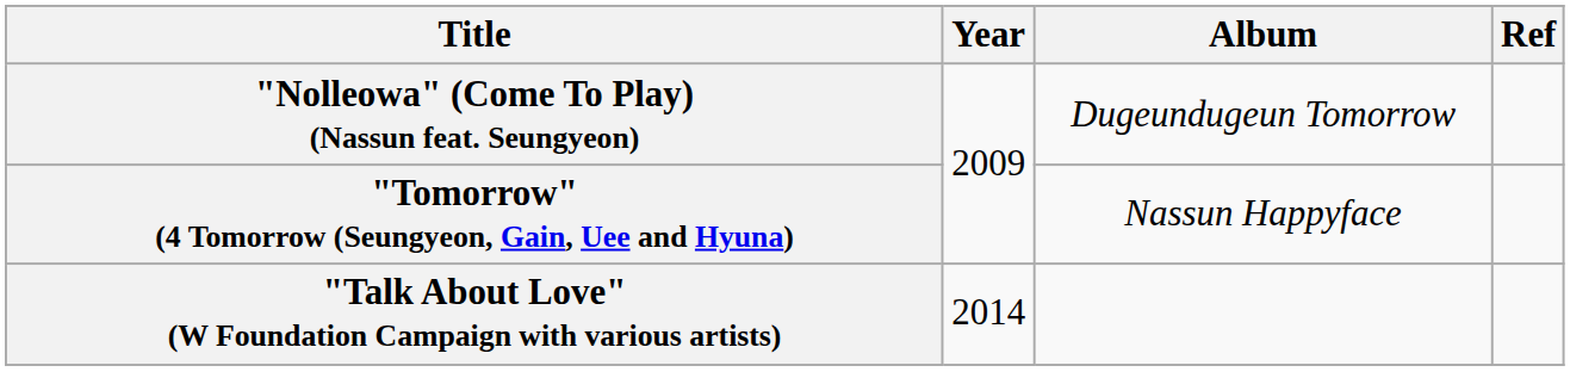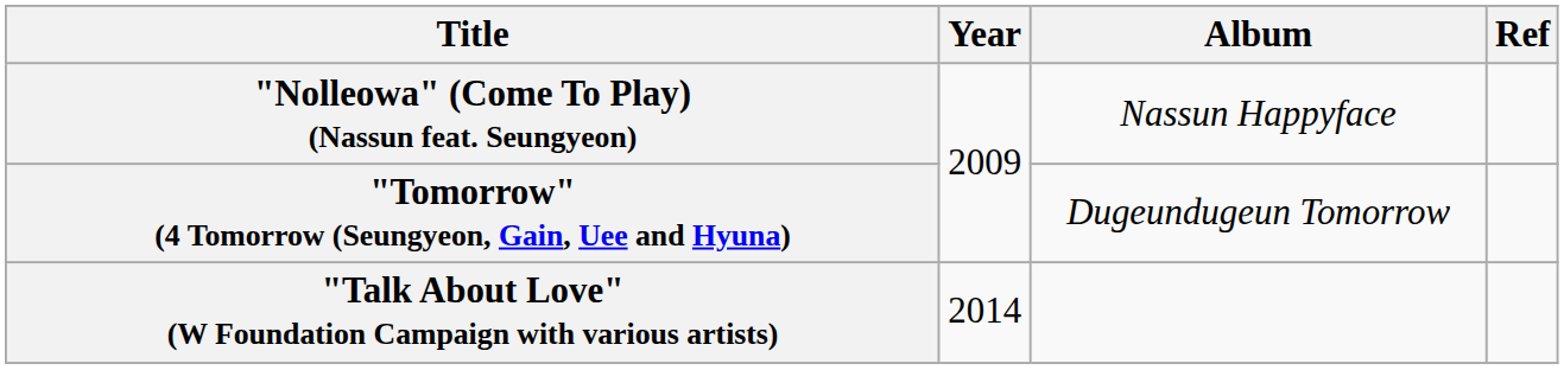 <table class="wikitable plainrowheaders" style="text-align:center;">
 <tr>
 <th scope="col" style="width:25em;">Title</th>
 <th scope="col" style="width:2em;">Year</th>
 <th scope="col" style="width:12em;">Album</th>
 <th>Ref</th>
 </tr>
 <tr>
 <th scope="row">"Nolleowa" (Come To Play)<br><small>(Nassun feat. Seungyeon)</small></th>
 <td rowspan="2">2009</td>
-<td><em>Dugeundugeun Tomorrow</em></td>
+<td><em>Nassun Happyface</em></td>
 <td></td>
 </tr>
 <tr>
 <th scope="row">"Tomorrow"<br><small>(4 Tomorrow (Seungyeon, <a href='#'>Gain</a>, <a href='#'>Uee</a> and <a href='#'>Hyuna</a>)</small></th>
-<td><em>Nassun Happyface</em></td>
+<td><em>Dugeundugeun Tomorrow</em></td>
 <td></td>
 </tr>
 <tr>
 <th scope="row">"Talk About Love"<br><small>(W Foundation Campaign with various artists)</small></th>
 <td>2014</td>
 <td></td>
 <td></td>
 </tr>
 </table>
